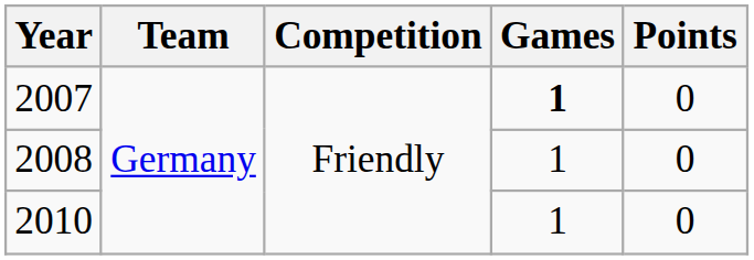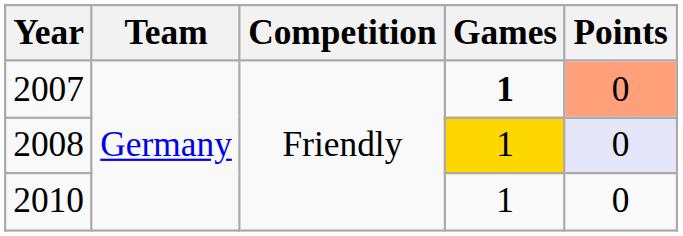 <table class="wikitable">
 <tr>
 <th>Year</th>
 <th>Team</th>
 <th>Competition</th>
 <th>Games</th>
 <th>Points</th>
 </tr>
 <tr align="center">
 <td>2007</td>
 <td rowspan=3><a href='#'>Germany</a></td>
 <td rowspan=3>Friendly</td>
 <td><strong>1</strong></td>
-<td>0</td>
+<td style="background: lightsalmon;">0</td>
 </tr>
 <tr align="center">
 <td>2008</td>
-<td>1</td>
-<td>0</td>
+<td style="background: gold;">1</td>
+<td style="background: lavender;">0</td>
 </tr>
 <tr align="center">
 <td>2010</td>
 <td>1</td>
 <td>0</td>
 </tr>
 </table>
